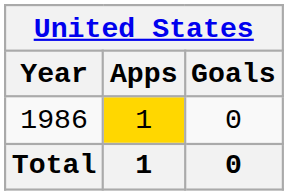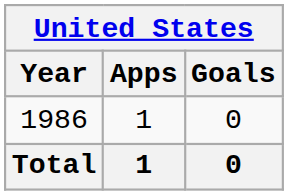 <table class="wikitable" style="text-align:center">
 <tr>
 <th colspan=3><a href='#'>United States</a></th>
 </tr>
 <tr>
 <th>Year</th>
 <th>Apps</th>
 <th>Goals</th>
 </tr>
 <tr>
 <td>1986</td>
-<td style="background: gold;">1</td>
+<td>1</td>
 <td>0</td>
 </tr>
 <tr>
 <th>Total</th>
 <th>1</th>
 <th>0</th>
 </tr>
 </table>
